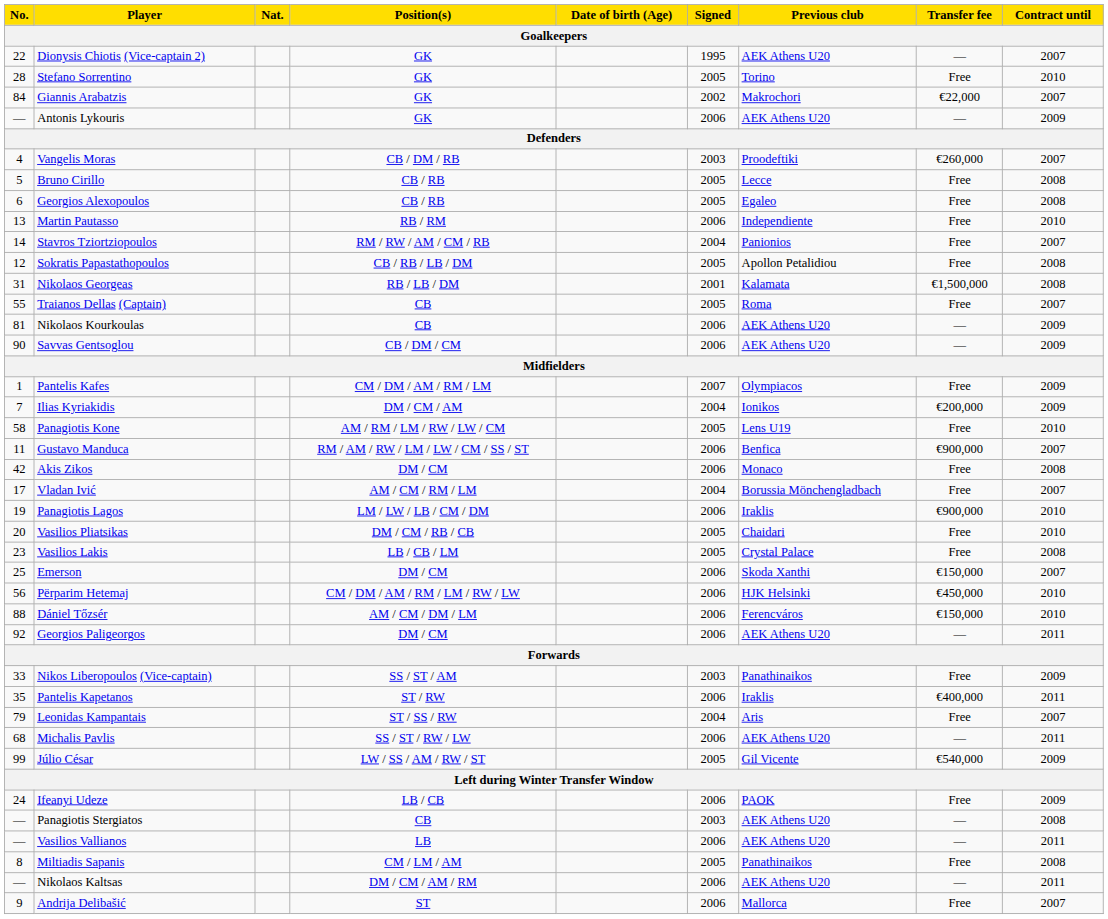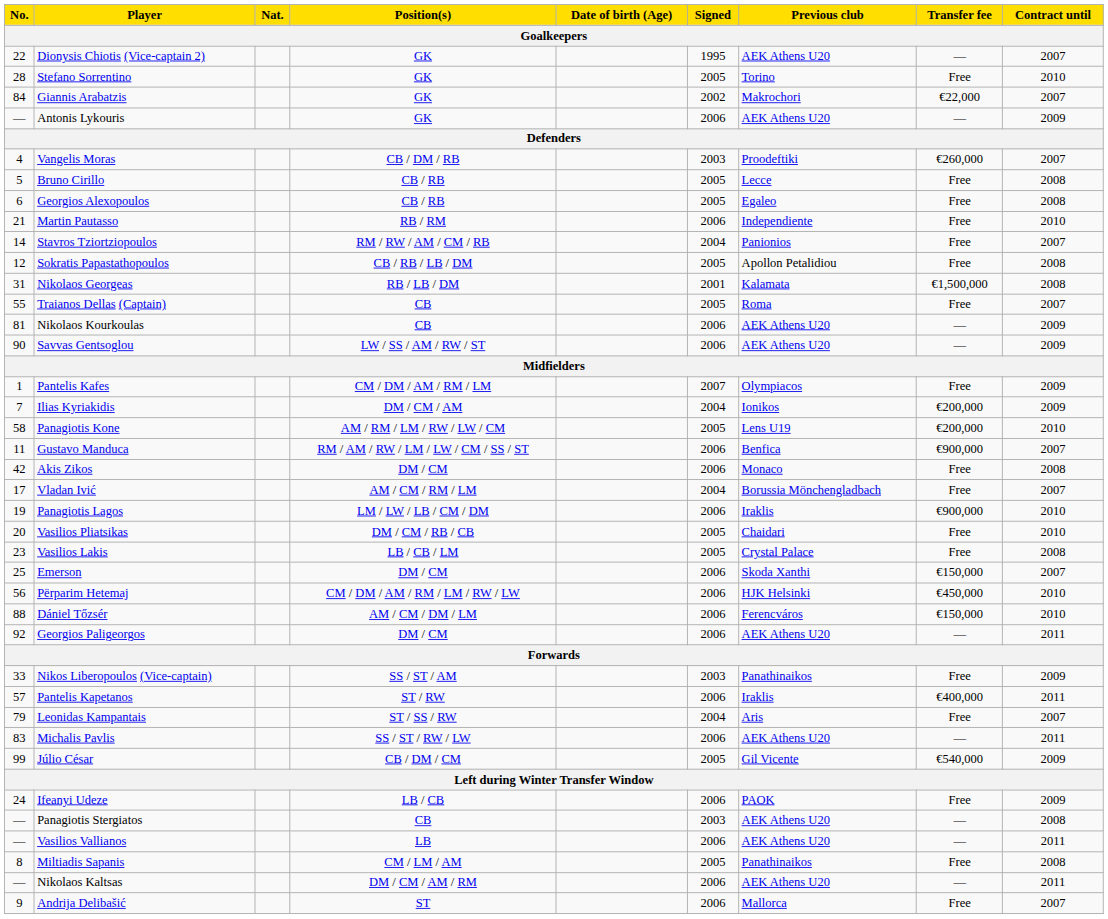 <table class="wikitable" style="text-align:center; font-size:90%; width:100%">
 <tr>
 <th style="background:#FFDE00">No.</th>
 <th style="background:#FFDE00">Player</th>
 <th style="background:#FFDE00">Nat.</th>
 <th style="background:#FFDE00">Position(s)</th>
 <th style="background:#FFDE00">Date of birth (Age)</th>
 <th style="background:#FFDE00">Signed</th>
 <th style="background:#FFDE00">Previous club</th>
 <th style="background:#FFDE00">Transfer fee</th>
 <th style="background:#FFDE00">Contract until</th>
 </tr>
 <tr>
 <th colspan="9">Goalkeepers</th>
 </tr>
 <tr>
 <td>22</td>
 <td align=left><a href='#'>Dionysis Chiotis</a> <a href='#'>(Vice-captain 2)</a></td>
 <td></td>
 <td><a href='#'>GK</a></td>
 <td></td>
 <td>1995</td>
 <td align=left> <a href='#'>AEK Athens U20</a></td>
 <td>—</td>
 <td>2007</td>
 </tr>
 <tr>
 <td>28</td>
 <td align=left><a href='#'>Stefano Sorrentino</a></td>
 <td></td>
 <td><a href='#'>GK</a></td>
 <td></td>
 <td>2005</td>
 <td align=left> <a href='#'>Torino</a></td>
 <td>Free</td>
 <td>2010</td>
 </tr>
 <tr>
 <td>84</td>
 <td align=left><a href='#'>Giannis Arabatzis</a></td>
 <td></td>
 <td><a href='#'>GK</a></td>
 <td></td>
 <td>2002</td>
 <td align=left> <a href='#'>Makrochori</a></td>
 <td>€22,000</td>
 <td>2007</td>
 </tr>
 <tr>
 <td>—</td>
 <td align=left>Antonis Lykouris</td>
 <td></td>
 <td><a href='#'>GK</a></td>
 <td></td>
 <td>2006</td>
 <td align=left> <a href='#'>AEK Athens U20</a></td>
 <td>—</td>
 <td>2009</td>
 </tr>
 <tr>
 <th colspan="9">Defenders</th>
 </tr>
 <tr>
 <td>4</td>
 <td align=left><a href='#'>Vangelis Moras</a></td>
 <td></td>
 <td><a href='#'>CB</a> / <a href='#'>DM</a> / <a href='#'>RB</a></td>
 <td></td>
 <td>2003</td>
 <td align=left> <a href='#'>Proodeftiki</a></td>
 <td>€260,000</td>
 <td>2007</td>
 </tr>
 <tr>
 <td>5</td>
 <td align=left><a href='#'>Bruno Cirillo</a></td>
 <td></td>
 <td><a href='#'>CB</a> / <a href='#'>RB</a></td>
 <td></td>
 <td>2005</td>
 <td align=left> <a href='#'>Lecce</a></td>
 <td>Free</td>
 <td>2008</td>
 </tr>
 <tr>
 <td>6</td>
 <td align=left><a href='#'>Georgios Alexopoulos</a></td>
 <td></td>
 <td><a href='#'>CB</a> / <a href='#'>RB</a></td>
 <td></td>
 <td>2005</td>
 <td align=left> <a href='#'>Egaleo</a></td>
 <td>Free</td>
 <td>2008</td>
 </tr>
 <tr>
-<td>13</td>
+<td>21</td>
 <td align=left><a href='#'>Martin Pautasso</a></td>
 <td></td>
 <td><a href='#'>RB</a> / <a href='#'>RM</a></td>
 <td></td>
 <td>2006</td>
 <td align=left> <a href='#'>Independiente</a></td>
 <td>Free</td>
 <td>2010</td>
 </tr>
 <tr>
 <td>14</td>
 <td align=left><a href='#'>Stavros Tziortziopoulos</a></td>
 <td></td>
 <td><a href='#'>RM</a> / <a href='#'>RW</a> / <a href='#'>AM</a> / <a href='#'>CM</a> / <a href='#'>RB</a></td>
 <td></td>
 <td>2004</td>
 <td align=left> <a href='#'>Panionios</a></td>
 <td>Free</td>
 <td>2007</td>
 </tr>
 <tr>
 <td>12</td>
 <td align=left><a href='#'>Sokratis Papastathopoulos</a></td>
 <td></td>
 <td><a href='#'>CB</a> / <a href='#'>RB</a> / <a href='#'>LB</a> / <a href='#'>DM</a></td>
 <td></td>
 <td>2005</td>
 <td align=left> Apollon Petalidiou</td>
 <td>Free</td>
 <td>2008</td>
 </tr>
 <tr>
 <td>31</td>
 <td align=left><a href='#'>Nikolaos Georgeas</a></td>
 <td></td>
 <td><a href='#'>RB</a> / <a href='#'>LB</a> / <a href='#'>DM</a></td>
 <td></td>
 <td>2001</td>
 <td align=left> <a href='#'>Kalamata</a></td>
 <td>€1,500,000</td>
 <td>2008</td>
 </tr>
 <tr>
 <td>55</td>
 <td align=left><a href='#'>Traianos Dellas</a> <a href='#'>(Captain)</a></td>
 <td></td>
 <td><a href='#'>CB</a></td>
 <td></td>
 <td>2005</td>
 <td align=left> <a href='#'>Roma</a></td>
 <td>Free</td>
 <td>2007</td>
 </tr>
 <tr>
 <td>81</td>
 <td align=left>Nikolaos Kourkoulas</td>
 <td></td>
 <td><a href='#'>CB</a></td>
 <td></td>
 <td>2006</td>
 <td align=left> <a href='#'>AEK Athens U20</a></td>
 <td>—</td>
 <td>2009</td>
 </tr>
 <tr>
 <td>90</td>
 <td align=left><a href='#'>Savvas Gentsoglou</a></td>
 <td></td>
-<td><a href='#'>CB</a> / <a href='#'>DM</a> / <a href='#'>CM</a></td>
+<td><a href='#'>LW</a> / <a href='#'>SS</a> / <a href='#'>AM</a> / <a href='#'>RW</a> / <a href='#'>ST</a></td>
 <td></td>
 <td>2006</td>
 <td align=left> <a href='#'>AEK Athens U20</a></td>
 <td>—</td>
 <td>2009</td>
 </tr>
 <tr>
 <th colspan="9">Midfielders</th>
 </tr>
 <tr>
 <td>1</td>
 <td align=left><a href='#'>Pantelis Kafes</a></td>
 <td></td>
 <td><a href='#'>CM</a> / <a href='#'>DM</a> / <a href='#'>AM</a> / <a href='#'>RM</a> / <a href='#'>LM</a></td>
 <td></td>
 <td>2007</td>
 <td align=left> <a href='#'>Olympiacos</a></td>
 <td>Free</td>
 <td>2009</td>
 </tr>
 <tr>
 <td>7</td>
 <td align=left><a href='#'>Ilias Kyriakidis</a></td>
 <td></td>
 <td><a href='#'>DM</a> / <a href='#'>CM</a> / <a href='#'>AM</a></td>
 <td></td>
 <td>2004</td>
 <td align=left> <a href='#'>Ionikos</a></td>
 <td>€200,000</td>
 <td>2009</td>
 </tr>
 <tr>
 <td>58</td>
 <td align=left><a href='#'>Panagiotis Kone</a></td>
 <td></td>
 <td><a href='#'>AM</a> / <a href='#'>RM</a> / <a href='#'>LM</a> / <a href='#'>RW</a> / <a href='#'>LW</a> / <a href='#'>CM</a></td>
 <td></td>
 <td>2005</td>
 <td align=left> <a href='#'>Lens U19</a></td>
-<td>Free</td>
+<td>€200,000</td>
 <td>2010</td>
 </tr>
 <tr>
 <td>11</td>
 <td align=left><a href='#'>Gustavo Manduca</a></td>
 <td></td>
 <td><a href='#'>RM</a> / <a href='#'>AM</a> / <a href='#'>RW</a> / <a href='#'>LM</a> / <a href='#'>LW</a> / <a href='#'>CM</a> / <a href='#'>SS</a> / <a href='#'>ST</a></td>
 <td></td>
 <td>2006</td>
 <td align=left> <a href='#'>Benfica</a></td>
 <td>€900,000</td>
 <td>2007</td>
 </tr>
 <tr>
 <td>42</td>
 <td align=left><a href='#'>Akis Zikos</a></td>
 <td></td>
 <td><a href='#'>DM</a> / <a href='#'>CM</a></td>
 <td></td>
 <td>2006</td>
 <td align=left> <a href='#'>Monaco</a></td>
 <td>Free</td>
 <td>2008</td>
 </tr>
 <tr>
 <td>17</td>
 <td align=left><a href='#'>Vladan Ivić</a></td>
 <td></td>
 <td><a href='#'>AM</a> / <a href='#'>CM</a> / <a href='#'>RM</a> / <a href='#'>LM</a></td>
 <td></td>
 <td>2004</td>
 <td align=left> <a href='#'>Borussia Mönchengladbach</a></td>
 <td>Free</td>
 <td>2007</td>
 </tr>
 <tr>
 <td>19</td>
 <td align=left><a href='#'>Panagiotis Lagos</a></td>
 <td></td>
 <td><a href='#'>LM</a> / <a href='#'>LW</a> / <a href='#'>LB</a> / <a href='#'>CM</a> / <a href='#'>DM</a></td>
 <td></td>
 <td>2006</td>
 <td align=left> <a href='#'>Iraklis</a></td>
 <td>€900,000</td>
 <td>2010</td>
 </tr>
 <tr>
 <td>20</td>
 <td align=left><a href='#'>Vasilios Pliatsikas</a></td>
 <td></td>
 <td><a href='#'>DM</a> / <a href='#'>CM</a> / <a href='#'>RB</a> / <a href='#'>CB</a></td>
 <td></td>
 <td>2005</td>
 <td align=left> <a href='#'>Chaidari</a></td>
 <td>Free</td>
 <td>2010</td>
 </tr>
 <tr>
 <td>23</td>
 <td align=left><a href='#'>Vasilios Lakis</a></td>
 <td></td>
 <td><a href='#'>LB</a> / <a href='#'>CB</a> / <a href='#'>LM</a></td>
 <td></td>
 <td>2005</td>
 <td align=left> <a href='#'>Crystal Palace</a></td>
 <td>Free</td>
 <td>2008</td>
 </tr>
 <tr>
 <td>25</td>
 <td align=left><a href='#'>Emerson</a></td>
 <td></td>
 <td><a href='#'>DM</a> / <a href='#'>CM</a></td>
 <td></td>
 <td>2006</td>
 <td align=left> <a href='#'>Skoda Xanthi</a></td>
 <td>€150,000</td>
 <td>2007</td>
 </tr>
 <tr>
 <td>56</td>
 <td align=left><a href='#'>Përparim Hetemaj</a></td>
 <td></td>
 <td><a href='#'>CM</a> / <a href='#'>DM</a> / <a href='#'>AM</a> / <a href='#'>RM</a> / <a href='#'>LM</a> / <a href='#'>RW</a> / <a href='#'>LW</a></td>
 <td></td>
 <td>2006</td>
 <td align=left> <a href='#'>HJK Helsinki</a></td>
 <td>€450,000</td>
 <td>2010</td>
 </tr>
 <tr>
 <td>88</td>
 <td align=left><a href='#'>Dániel Tőzsér</a></td>
 <td></td>
 <td><a href='#'>AM</a> / <a href='#'>CM</a> / <a href='#'>DM</a> / <a href='#'>LM</a></td>
 <td></td>
 <td>2006</td>
 <td align=left> <a href='#'>Ferencváros</a></td>
 <td>€150,000</td>
 <td>2010</td>
 </tr>
 <tr>
 <td>92</td>
 <td align=left><a href='#'>Georgios Paligeorgos</a></td>
 <td></td>
 <td><a href='#'>DM</a> / <a href='#'>CM</a></td>
 <td></td>
 <td>2006</td>
 <td align=left> <a href='#'>AEK Athens U20</a></td>
 <td>—</td>
 <td>2011</td>
 </tr>
 <tr>
 <th colspan="9">Forwards</th>
 </tr>
 <tr>
 <td>33</td>
 <td align=left><a href='#'>Nikos Liberopoulos</a> <a href='#'>(Vice-captain)</a></td>
 <td></td>
 <td><a href='#'>SS</a> / <a href='#'>ST</a> / <a href='#'>AM</a></td>
 <td></td>
 <td>2003</td>
 <td align=left> <a href='#'>Panathinaikos</a></td>
 <td>Free</td>
 <td>2009</td>
 </tr>
 <tr>
-<td>35</td>
+<td>57</td>
 <td align=left><a href='#'>Pantelis Kapetanos</a></td>
 <td></td>
 <td><a href='#'>ST</a> / <a href='#'>RW</a></td>
 <td></td>
 <td>2006</td>
 <td align=left> <a href='#'>Iraklis</a></td>
 <td>€400,000</td>
 <td>2011</td>
 </tr>
 <tr>
 <td>79</td>
 <td align=left><a href='#'>Leonidas Kampantais</a></td>
 <td></td>
 <td><a href='#'>ST</a> / <a href='#'>SS</a> / <a href='#'>RW</a></td>
 <td></td>
 <td>2004</td>
 <td align=left> <a href='#'>Aris</a></td>
 <td>Free</td>
 <td>2007</td>
 </tr>
 <tr>
-<td>68</td>
+<td>83</td>
 <td align=left><a href='#'>Michalis Pavlis</a></td>
 <td></td>
 <td><a href='#'>SS</a> / <a href='#'>ST</a> / <a href='#'>RW</a> / <a href='#'>LW</a></td>
 <td></td>
 <td>2006</td>
 <td align=left> <a href='#'>AEK Athens U20</a></td>
 <td>—</td>
 <td>2011</td>
 </tr>
 <tr>
 <td>99</td>
 <td align=left><a href='#'>Júlio César</a></td>
 <td></td>
-<td><a href='#'>LW</a> / <a href='#'>SS</a> / <a href='#'>AM</a> / <a href='#'>RW</a> / <a href='#'>ST</a></td>
+<td><a href='#'>CB</a> / <a href='#'>DM</a> / <a href='#'>CM</a></td>
 <td></td>
 <td>2005</td>
 <td align=left> <a href='#'>Gil Vicente</a></td>
 <td>€540,000</td>
 <td>2009</td>
 </tr>
 <tr>
 <th colspan="9">Left during Winter Transfer Window</th>
 </tr>
 <tr>
 <td>24</td>
 <td align=left><a href='#'>Ifeanyi Udeze</a></td>
 <td></td>
 <td><a href='#'>LB</a> / <a href='#'>CB</a></td>
 <td></td>
 <td>2006</td>
 <td align=left> <a href='#'>PAOK</a></td>
 <td>Free</td>
 <td>2009</td>
 </tr>
 <tr>
 <td>—</td>
 <td align=left>Panagiotis Stergiatos</td>
 <td></td>
 <td><a href='#'>CB</a></td>
 <td></td>
 <td>2003</td>
 <td align=left> <a href='#'>AEK Athens U20</a></td>
 <td>—</td>
 <td>2008</td>
 </tr>
 <tr>
 <td>—</td>
 <td align=left><a href='#'>Vasilios Vallianos</a></td>
 <td></td>
 <td><a href='#'>LB</a></td>
 <td></td>
 <td>2006</td>
 <td align=left> <a href='#'>AEK Athens U20</a></td>
 <td>—</td>
 <td>2011</td>
 </tr>
 <tr>
 <td>8</td>
 <td align=left><a href='#'>Miltiadis Sapanis</a></td>
 <td></td>
 <td><a href='#'>CM</a> / <a href='#'>LM</a> / <a href='#'>AM</a></td>
 <td></td>
 <td>2005</td>
 <td align=left> <a href='#'>Panathinaikos</a></td>
 <td>Free</td>
 <td>2008</td>
 </tr>
 <tr>
 <td>—</td>
 <td align=left>Nikolaos Kaltsas</td>
 <td></td>
 <td><a href='#'>DM</a> / <a href='#'>CM</a> / <a href='#'>AM</a> / <a href='#'>RM</a></td>
 <td></td>
 <td>2006</td>
 <td align=left> <a href='#'>AEK Athens U20</a></td>
 <td>—</td>
 <td>2011</td>
 </tr>
 <tr>
 <td>9</td>
 <td align=left><a href='#'>Andrija Delibašić</a></td>
 <td></td>
 <td><a href='#'>ST</a></td>
 <td></td>
 <td>2006</td>
 <td align=left> <a href='#'>Mallorca</a></td>
 <td>Free</td>
 <td>2007</td>
 </tr>
 </table>
